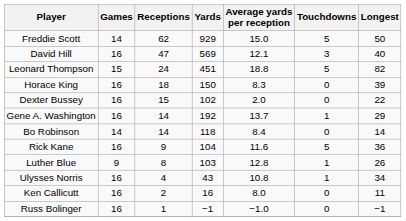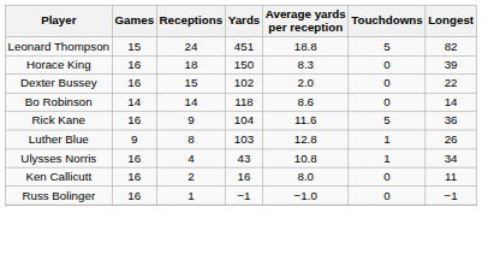 <table class="wikitable" style="text-align:center">
 <tr>
 <th>Player</th>
 <th>Games</th>
 <th>Receptions</th>
 <th>Yards</th>
 <th>Average yards<br>per reception</th>
 <th>Touchdowns</th>
 <th>Longest</th>
-</tr>
-<tr align="center" bgcolor="">
-<td>Freddie Scott</td>
-<td>14</td>
-<td>62</td>
-<td>929</td>
-<td>15.0</td>
-<td>5</td>
-<td>50</td>
-</tr>
-<tr align="center" bgcolor="">
-<td>David Hill</td>
-<td>16</td>
-<td>47</td>
-<td>569</td>
-<td>12.1</td>
-<td>3</td>
-<td>40</td>
 </tr>
 <tr align="center" bgcolor="">
 <td>Leonard Thompson</td>
 <td>15</td>
 <td>24</td>
 <td>451</td>
 <td>18.8</td>
 <td>5</td>
 <td>82</td>
 </tr>
 <tr align="center" bgcolor="">
 <td>Horace King</td>
 <td>16</td>
 <td>18</td>
 <td>150</td>
 <td>8.3</td>
 <td>0</td>
 <td>39</td>
 </tr>
 <tr align="center" bgcolor="">
 <td>Dexter Bussey</td>
 <td>16</td>
 <td>15</td>
 <td>102</td>
 <td>2.0</td>
 <td>0</td>
 <td>22</td>
 </tr>
 <tr align="center" bgcolor="">
-<td>Gene A. Washington</td>
-<td>16</td>
-<td>14</td>
-<td>192</td>
-<td>13.7</td>
-<td>1</td>
-<td>29</td>
-</tr>
-<tr align="center" bgcolor="">
 <td>Bo Robinson</td>
 <td>14</td>
 <td>14</td>
 <td>118</td>
-<td>8.4</td>
+<td>8.6</td>
 <td>0</td>
 <td>14</td>
 </tr>
 <tr align="center" bgcolor="">
 <td>Rick Kane</td>
 <td>16</td>
 <td>9</td>
 <td>104</td>
 <td>11.6</td>
 <td>5</td>
 <td>36</td>
 </tr>
 <tr align="center" bgcolor="">
 <td>Luther Blue</td>
 <td>9</td>
 <td>8</td>
 <td>103</td>
 <td>12.8</td>
 <td>1</td>
 <td>26</td>
 </tr>
 <tr align="center" bgcolor="">
 <td>Ulysses Norris</td>
 <td>16</td>
 <td>4</td>
 <td>43</td>
 <td>10.8</td>
 <td>1</td>
 <td>34</td>
 </tr>
 <tr align="center" bgcolor="">
 <td>Ken Callicutt</td>
 <td>16</td>
 <td>2</td>
 <td>16</td>
 <td>8.0</td>
 <td>0</td>
 <td>11</td>
 </tr>
 <tr align="center" bgcolor="">
 <td>Russ Bolinger</td>
 <td>16</td>
 <td>1</td>
 <td>−1</td>
 <td>−1.0</td>
 <td>0</td>
 <td>−1</td>
 </tr>
 <tr align="center" bgcolor="">
 </tr>
 </table>
